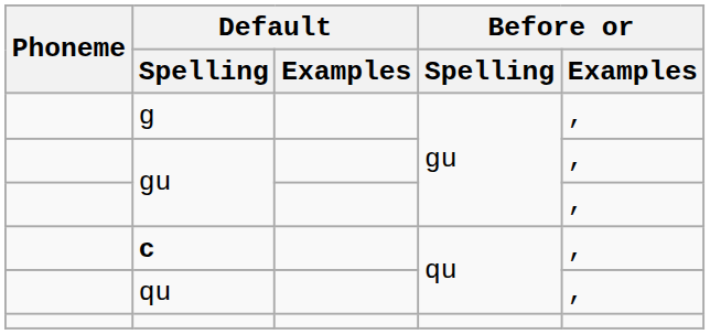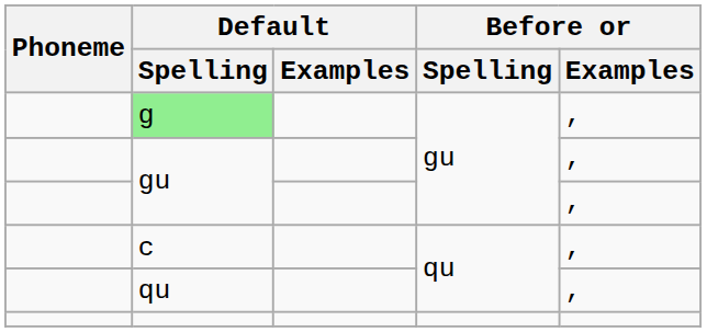 <table class="wikitable">
 <tr>
 <th rowspan=2>Phoneme</th>
 <th colspan=2>Default</th>
 <th colspan=2>Before  or </th>
 </tr>
 <tr>
 <th>Spelling</th>
 <th>Examples</th>
 <th>Spelling</th>
 <th>Examples</th>
 </tr>
 <tr>
 <td align="center"></td>
-<td>g</td>
+<td style="background: lightgreen;">g</td>
 <td></td>
 <td rowspan="3">gu</td>
 <td>, </td>
 </tr>
 <tr>
 <td align="center"></td>
 <td rowspan="2">gu</td>
 <td></td>
 <td>, </td>
 </tr>
 <tr>
 <td align="center"></td>
 <td></td>
 <td>, </td>
 </tr>
 <tr>
 <td align="center"></td>
-<td><strong>c</strong></td>
+<td>c</td>
 <td></td>
 <td rowspan="2">qu</td>
 <td>, </td>
 </tr>
 <tr>
 <td align="center"></td>
 <td>qu</td>
 <td></td>
 <td>, </td>
 </tr>
 <tr>
 <td align="center"></td>
 <td></td>
 <td></td>
 <td></td>
 <td></td>
 </tr>
 </table>
